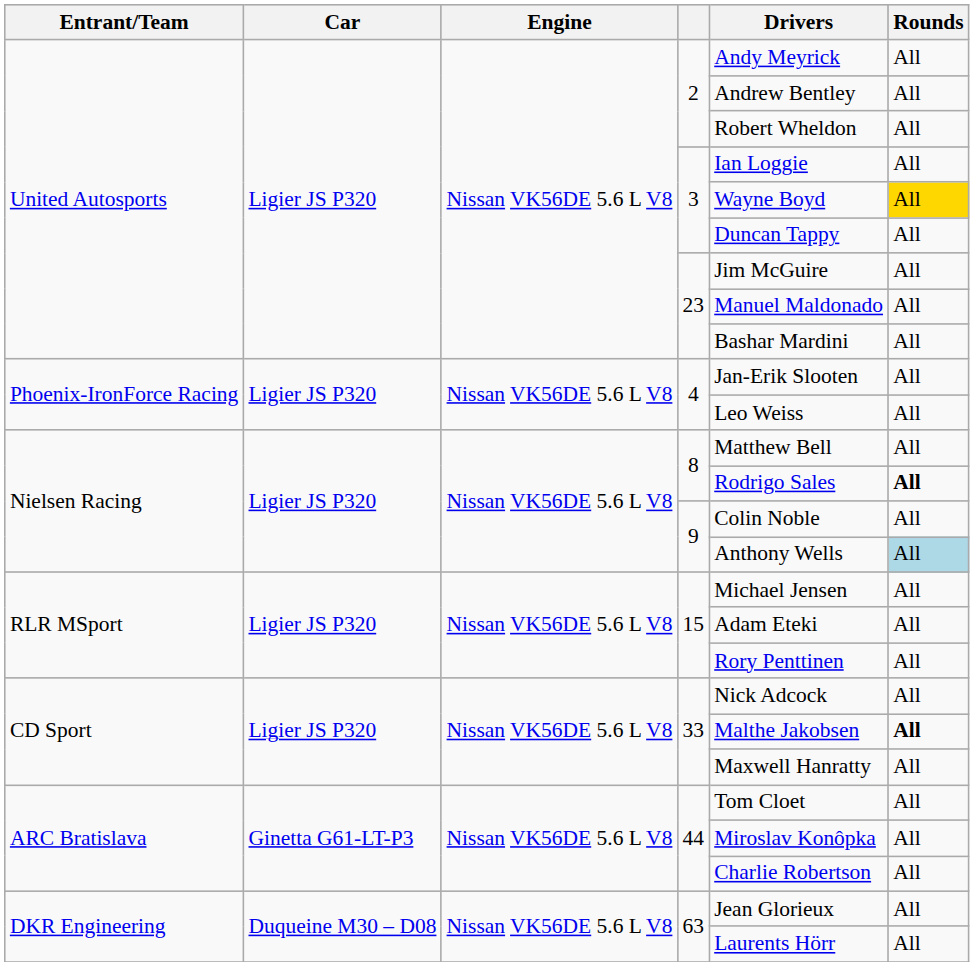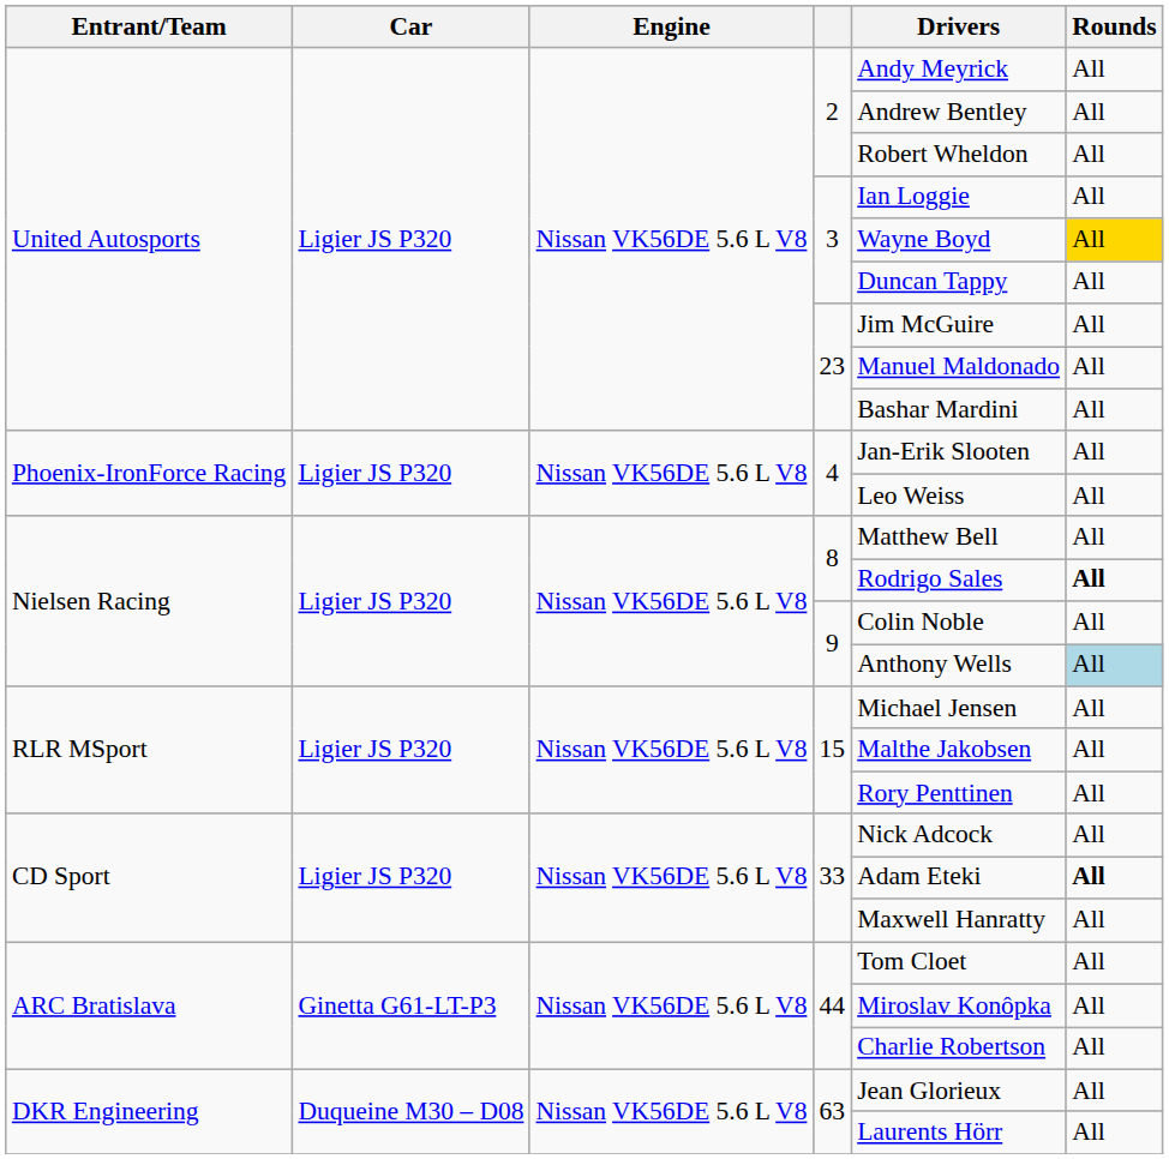 <table class="wikitable" style="font-size: 85%">
 <tr>
 <th>Entrant/Team</th>
 <th>Car</th>
 <th>Engine</th>
 <th></th>
 <th>Drivers</th>
 <th>Rounds</th>
 </tr>
 <tr>
 <td rowspan=9> <a href='#'>United Autosports</a></td>
 <td rowspan=9><a href='#'>Ligier JS P320</a></td>
 <td rowspan=9><a href='#'>Nissan</a> <a href='#'>VK56DE</a> 5.6 L <a href='#'>V8</a></td>
 <td rowspan=3 align="center">2</td>
 <td> <a href='#'>Andy Meyrick</a></td>
 <td>All</td>
 </tr>
 <tr>
 <td> Andrew Bentley</td>
 <td>All</td>
 </tr>
 <tr>
 <td> Robert Wheldon</td>
 <td>All</td>
 </tr>
 <tr>
 <td rowspan=3 align="center">3</td>
 <td> <a href='#'>Ian Loggie</a></td>
 <td>All</td>
 </tr>
 <tr>
 <td> <a href='#'>Wayne Boyd</a></td>
 <td style="background: gold;">All</td>
 </tr>
 <tr>
 <td> <a href='#'>Duncan Tappy</a></td>
 <td>All</td>
 </tr>
 <tr>
 <td rowspan=3 align="center">23</td>
 <td> Jim McGuire</td>
 <td>All</td>
 </tr>
 <tr>
 <td> <a href='#'>Manuel Maldonado</a></td>
 <td>All</td>
 </tr>
 <tr>
 <td> Bashar Mardini</td>
 <td>All</td>
 </tr>
 <tr>
 <td rowspan="2"> <a href='#'>Phoenix-IronForce Racing</a></td>
 <td rowspan="2"><a href='#'>Ligier JS P320</a></td>
 <td rowspan="2"><a href='#'>Nissan</a> <a href='#'>VK56DE</a> 5.6 L <a href='#'>V8</a></td>
 <td rowspan="2" align="center">4</td>
 <td> Jan-Erik Slooten</td>
 <td>All</td>
 </tr>
 <tr>
 <td> Leo Weiss</td>
 <td>All</td>
 </tr>
 <tr>
 <td rowspan="4"> Nielsen Racing</td>
 <td rowspan="4"><a href='#'>Ligier JS P320</a></td>
 <td rowspan="4"><a href='#'>Nissan</a> <a href='#'>VK56DE</a> 5.6 L <a href='#'>V8</a></td>
 <td rowspan="2" align="center">8</td>
 <td> Matthew Bell</td>
 <td>All</td>
 </tr>
 <tr>
 <td> <a href='#'>Rodrigo Sales</a></td>
 <td><strong>All</strong></td>
 </tr>
 <tr>
 <td rowspan="2" align="center">9</td>
 <td> Colin Noble</td>
 <td>All</td>
 </tr>
 <tr>
 <td> Anthony Wells</td>
 <td style="background: lightblue;">All</td>
 </tr>
 <tr>
 <td rowspan=3> RLR MSport</td>
 <td rowspan=3><a href='#'>Ligier JS P320</a></td>
 <td rowspan=3><a href='#'>Nissan</a> <a href='#'>VK56DE</a> 5.6 L <a href='#'>V8</a></td>
 <td rowspan=3 align="center">15</td>
 <td> Michael Jensen</td>
 <td>All</td>
 </tr>
 <tr>
-<td> Adam Eteki</td>
+<td> <a href='#'>Malthe Jakobsen</a></td>
 <td>All</td>
 </tr>
 <tr>
 <td> <a href='#'>Rory Penttinen</a></td>
 <td>All</td>
 </tr>
 <tr>
 <td rowspan=3> CD Sport</td>
 <td rowspan=3><a href='#'>Ligier JS P320</a></td>
 <td rowspan=3><a href='#'>Nissan</a> <a href='#'>VK56DE</a> 5.6 L <a href='#'>V8</a></td>
 <td rowspan=3 align="center">33</td>
 <td> Nick Adcock</td>
 <td>All</td>
 </tr>
 <tr>
-<td> <a href='#'>Malthe Jakobsen</a></td>
+<td> Adam Eteki</td>
 <td><strong>All</strong></td>
 </tr>
 <tr>
 <td> Maxwell Hanratty</td>
 <td>All</td>
 </tr>
 <tr>
 <td rowspan=3> <a href='#'>ARC Bratislava</a></td>
 <td rowspan=3><a href='#'>Ginetta G61-LT-P3</a></td>
 <td rowspan=3><a href='#'>Nissan</a> <a href='#'>VK56DE</a> 5.6 L <a href='#'>V8</a></td>
 <td rowspan=3 align="center">44</td>
 <td> Tom Cloet</td>
 <td>All</td>
 </tr>
 <tr>
 <td> <a href='#'>Miroslav Konôpka</a></td>
 <td>All</td>
 </tr>
 <tr>
 <td> <a href='#'>Charlie Robertson</a></td>
 <td>All</td>
 </tr>
 <tr>
 <td rowspan="2"> <a href='#'>DKR Engineering</a></td>
 <td rowspan="2"><a href='#'>Duqueine M30 – D08</a></td>
 <td rowspan="2"><a href='#'>Nissan</a> <a href='#'>VK56DE</a> 5.6 L <a href='#'>V8</a></td>
 <td rowspan="2" align="center">63</td>
 <td> Jean Glorieux</td>
 <td>All</td>
 </tr>
 <tr>
 <td> <a href='#'>Laurents Hörr</a></td>
 <td>All</td>
 </tr>
 <tr>
 </tr>
 </table>
